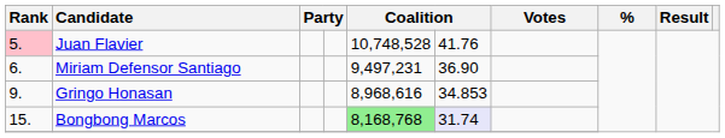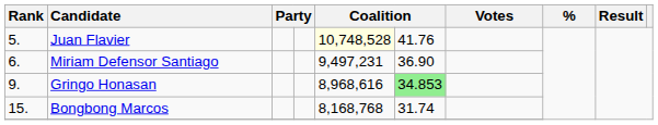 <table class="wikitable">
 <tr>
 <th width="5px">Rank</th>
 <th style="text-align:left;width: 15em">Candidate</th>
 <th colspan="2">Party</th>
 <th colspan="2">Coalition</th>
 <th width="100px">Votes</th>
 <th width="50px">%</th>
 <th>Result</th>
 <th></th>
 </tr>
 <tr>
-<td style="background: pink;">5.</td>
+<td>5.</td>
 <td width="200px" style="text-align:left;"><a href='#'>Juan Flavier</a></td>
 <td></td>
 <td></td>
-<td>10,748,528</td>
+<td style="background: lightyellow;">10,748,528</td>
 <td>41.76</td>
 <td></td>
 <td rowspan="13"></td>
 </tr>
 <tr>
 <td>6.</td>
 <td width="200px" style="text-align:left;"><a href='#'>Miriam Defensor Santiago</a></td>
 <td></td>
 <td></td>
 <td>9,497,231</td>
 <td>36.90</td>
 <td></td>
 </tr>
 <tr>
 <td>9.</td>
 <td width="200px" style="text-align:left;"><a href='#'>Gringo Honasan</a></td>
 <td></td>
 <td></td>
 <td>8,968,616</td>
-<td>34.853</td>
+<td style="background: lightgreen;">34.853</td>
 <td></td>
 </tr>
 <tr>
 <td>15.</td>
 <td width="200px" style="text-align:left;"><a href='#'>Bongbong Marcos</a></td>
 <td></td>
 <td></td>
-<td style="background: lightgreen;">8,168,768</td>
-<td style="background: lavender;">31.74</td>
+<td>8,168,768</td>
+<td>31.74</td>
 <td></td>
 </tr>
 <tr>
 </tr>
 </table>
